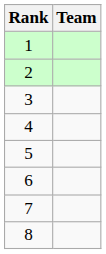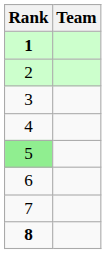 <table class=wikitable style="text-align: center;">
 <tr>
 <th>Rank</th>
 <th>Team</th>
 </tr>
 <tr style="background: #CCFFCC;">
-<td>1</td>
+<td><strong>1</strong></td>
 <td style="text-align: left;"><strong></strong></td>
 </tr>
 <tr style="background: #CCFFCC;">
 <td>2</td>
 <td style="text-align: left;"><strong></strong></td>
 </tr>
 <tr>
 <td>3</td>
 <td style="text-align: left;"></td>
 </tr>
 <tr>
 <td>4</td>
 <td style="text-align: left;"></td>
 </tr>
 <tr>
-<td>5</td>
+<td style="background: lightgreen;">5</td>
 <td style="text-align: left;"></td>
 </tr>
 <tr>
 <td>6</td>
 <td style="text-align: left;"></td>
 </tr>
 <tr>
 <td>7</td>
 <td style="text-align: left;"></td>
 </tr>
 <tr>
-<td>8</td>
+<td><strong>8</strong></td>
 <td style="text-align: left;"></td>
 </tr>
 </table>
